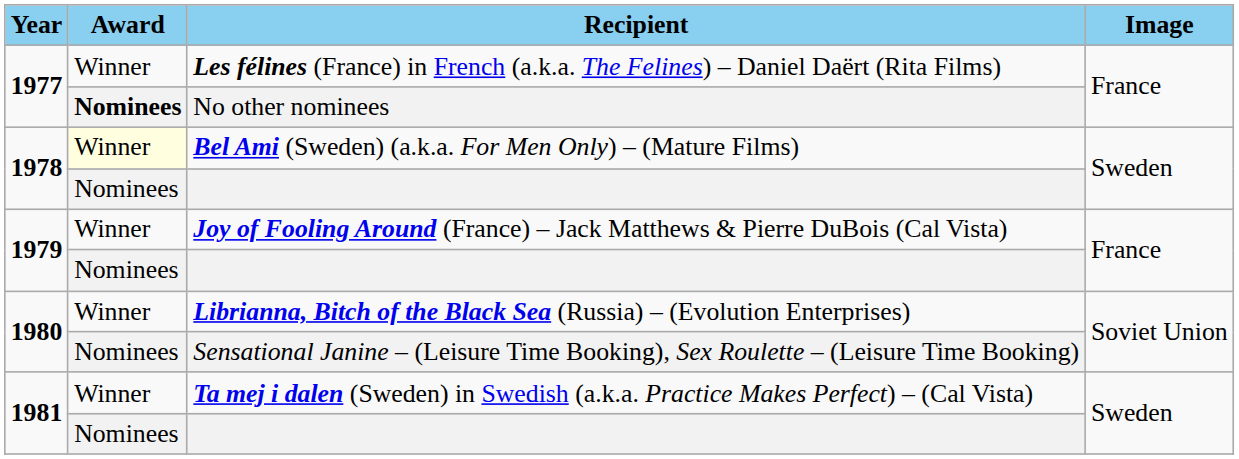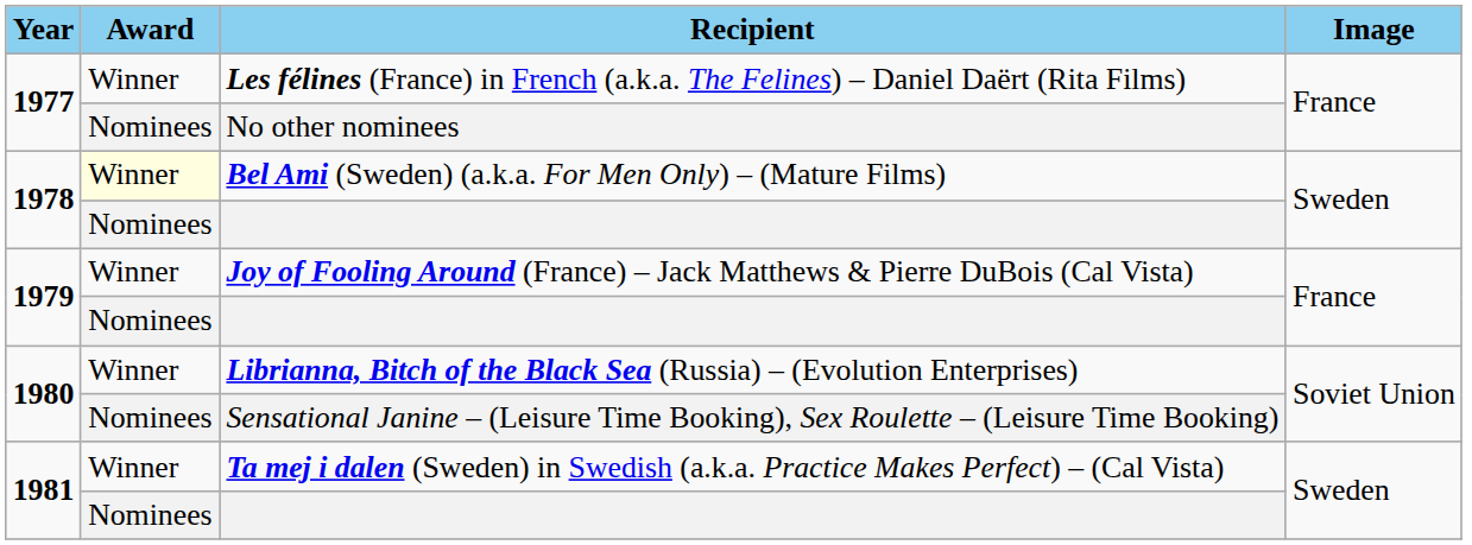 <table class="wikitable">
 <tr>
 <th style="background:#89CFF0">Year</th>
 <th style="background:#89CFF0">Award</th>
 <th style="background:#89CFF0">Recipient</th>
 <th style="background:#89CFF0">Image</th>
 </tr>
 <tr>
 <td rowspan=2><strong>1977</strong></td>
 <td>Winner</td>
 <td><strong><em>Les félines</em></strong> (France) in <a href='#'>French</a> (a.k.a. <em><a href='#'>The Felines</a></em>) – Daniel Daërt (Rita Films)</td>
 <td rowspan=2>France</td>
 </tr>
 <tr>
-<td style="background:#F2F2F2"><strong>Nominees</strong></td>
+<td style="background:#F2F2F2">Nominees</td>
 <td style="background:#F2F2F2">No other nominees</td>
 </tr>
 <tr>
 <td rowspan=2><strong>1978</strong></td>
 <td style="background: lightyellow;">Winner</td>
 <td><strong><em><a href='#'>Bel Ami</a></em></strong> (Sweden) (a.k.a. <em>For Men Only</em>) – (Mature Films)</td>
 <td rowspan=2>Sweden</td>
 </tr>
 <tr>
 <td style="background:#F2F2F2">Nominees</td>
 <td style="background:#F2F2F2"></td>
 </tr>
 <tr>
 <td rowspan=2><strong>1979</strong></td>
 <td>Winner</td>
 <td><strong><em><a href='#'>Joy of Fooling Around</a></em></strong> (France) – Jack Matthews & Pierre DuBois (Cal Vista)</td>
 <td rowspan=2>France</td>
 </tr>
 <tr>
 <td style="background:#F2F2F2">Nominees</td>
 <td style="background:#F2F2F2"></td>
 </tr>
 <tr>
 <td rowspan=2><strong>1980</strong></td>
 <td>Winner</td>
 <td><strong><em><a href='#'>Librianna, Bitch of the Black Sea</a></em></strong> (Russia) – (Evolution Enterprises)</td>
 <td rowspan=2>Soviet Union</td>
 </tr>
 <tr>
 <td style="background:#F2F2F2">Nominees</td>
 <td style="background:#F2F2F2"><em>Sensational Janine</em> – (Leisure Time Booking), <em>Sex Roulette</em> – (Leisure Time Booking)</td>
 </tr>
 <tr>
 <td rowspan=2><strong>1981</strong></td>
 <td>Winner</td>
 <td><strong><em><a href='#'>Ta mej i dalen</a></em></strong> (Sweden) in <a href='#'>Swedish</a> (a.k.a. <em>Practice Makes Perfect</em>) – (Cal Vista)</td>
 <td rowspan=2>Sweden</td>
 </tr>
 <tr>
 <td style="background:#F2F2F2">Nominees</td>
 <td style="background:#F2F2F2"></td>
 </tr>
 </table>
